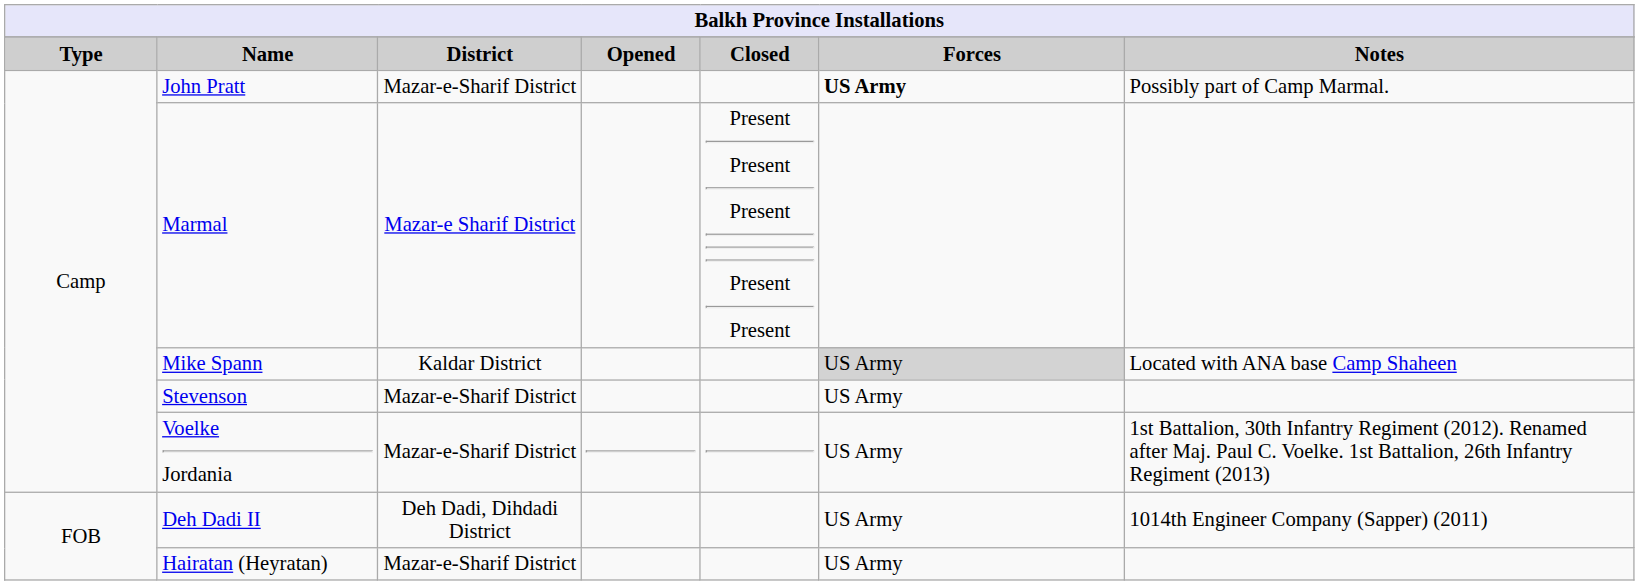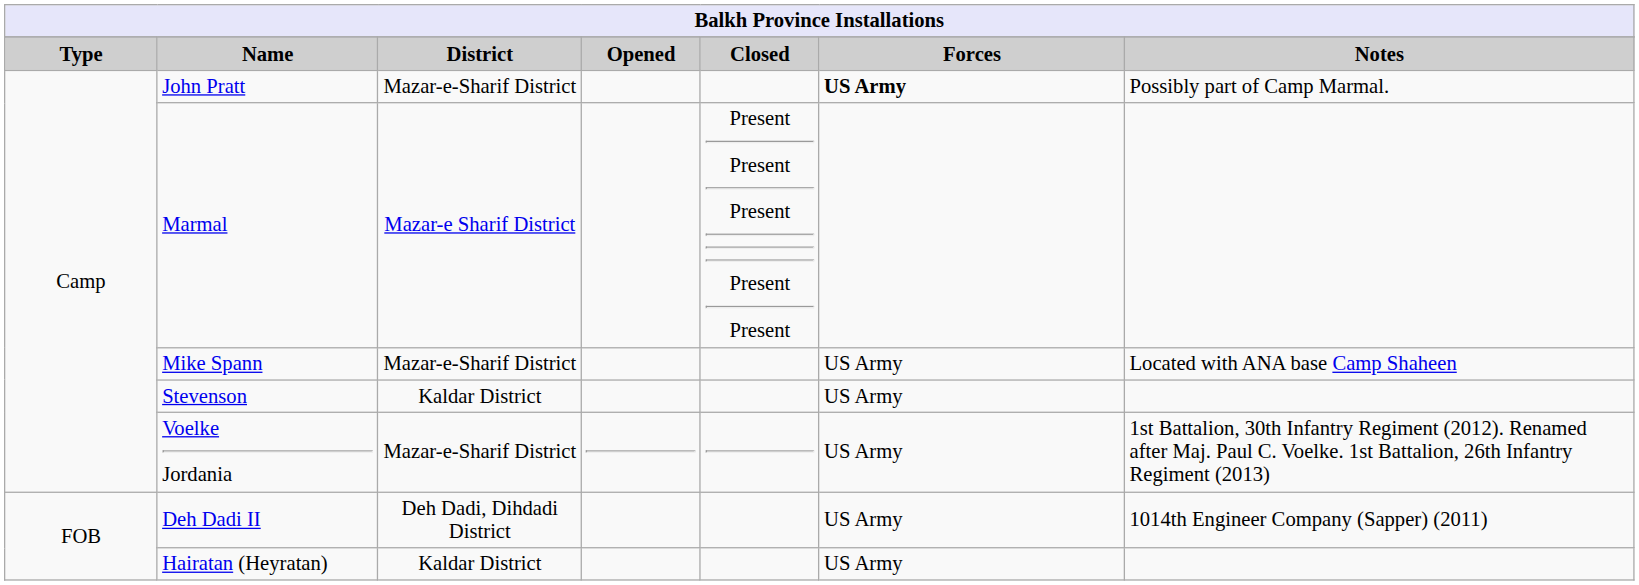 <table class="wikitable sortable" width="100%">
 <tr>
 <th style="align: center; background: lavender" colspan="7"><strong>Balkh Province Installations</strong></th>
 </tr>
 <tr style="background:#efefef; color:black">
 </tr>
 <tr>
 <th style="background-color:#cfcfcf;" align="center" width="9%" align="center">Type</th>
 <th style="background-color:#cfcfcf;" align="center" width="13%">Name</th>
 <th style="background-color:#cfcfcf;" align="center" width="12%">District</th>
 <th style="background-color:#cfcfcf;" align="center" width="7%">Opened</th>
 <th style="background-color:#cfcfcf;" align="center" width="7%">Closed</th>
 <th style="background-color:#cfcfcf;" align="center" width="18%" class="unsortable">Forces</th>
 <th style="background-color:#cfcfcf;" align="center" width="30%" class="unsortable">Notes</th>
 </tr>
 <tr>
 <td rowspan="5" align="center">Camp</td>
 <td><a href='#'>John Pratt</a></td>
 <td align="center">Mazar-e-Sharif District</td>
 <td align="center"></td>
 <td align="center"></td>
 <td><strong> US Army</strong></td>
 <td> Possibly part of Camp Marmal.</td>
 </tr>
 <tr>
 <td><a href='#'>Marmal</a></td>
 <td align="center"><a href='#'>Mazar-e Sharif District</a></td>
 <td align="center"></td>
 <td align="center">Present<hr>Present<hr>Present<hr><hr><hr>Present<hr>Present</td>
 <td></td>
 <td></td>
 </tr>
 <tr>
 <td><a href='#'>Mike Spann</a></td>
-<td align="center">Kaldar District</td>
+<td align="center">Mazar-e-Sharif District</td>
 <td align="center"></td>
 <td align="center"></td>
-<td style="background: lightgrey;"> US Army</td>
+<td> US Army</td>
 <td> Located with ANA base <a href='#'>Camp Shaheen</a></td>
 </tr>
 <tr>
 <td><a href='#'>Stevenson</a></td>
-<td align="center">Mazar-e-Sharif District</td>
+<td align="center">Kaldar District</td>
 <td align="center"></td>
 <td align="center"></td>
 <td> US Army</td>
 <td></td>
 </tr>
 <tr>
 <td><a href='#'>Voelke</a><hr>Jordania</td>
 <td align="center">Mazar-e-Sharif District</td>
 <td align="center"><hr></td>
 <td align="center"><hr></td>
 <td> US Army</td>
 <td>1st Battalion, 30th Infantry Regiment (2012). Renamed after Maj. Paul C. Voelke. 1st Battalion, 26th Infantry Regiment (2013)</td>
 </tr>
 <tr>
 <td rowspan="2" align="center">FOB</td>
 <td><a href='#'>Deh Dadi II</a></td>
 <td align="center">Deh Dadi, Dihdadi District</td>
 <td align="center"></td>
 <td align="center"></td>
 <td> US Army</td>
 <td> 1014th Engineer Company (Sapper) (2011)</td>
 </tr>
 <tr>
 <td><a href='#'>Hairatan</a> (Heyratan)</td>
-<td align="center">Mazar-e-Sharif District</td>
+<td align="center">Kaldar District</td>
 <td align="center"></td>
 <td align="center"></td>
 <td> US Army</td>
 <td></td>
 </tr>
 </table>
